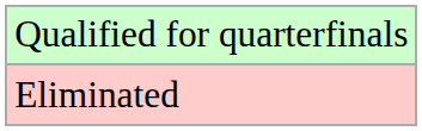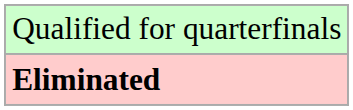 <table class=wikitable>
 <tr>
 <td bgcolor=ccffcc>Qualified for quarterfinals</td>
 </tr>
 <tr>
-<td bgcolor=ffcccc>Eliminated</td>
+<td bgcolor=ffcccc><strong>Eliminated</strong></td>
 </tr>
 </table>
